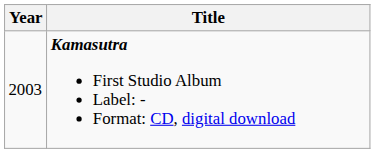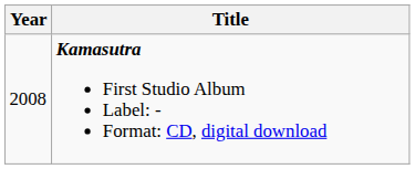 <table class="wikitable">
 <tr>
 <th rowspan="1" style="width:33px;">Year</th>
 <th rowspan="1" style="width:300px;">Title</th>
 </tr>
 <tr>
-<td>2003</td>
+<td>2008</td>
 <td><strong><em>Kamasutra</em></strong><br><ul><li>First Studio Album</li><li>Label: -</li><li>Format: <a href='#'>CD</a>, <a href='#'>digital download</a></li></ul></td>
 </tr>
 </table>
